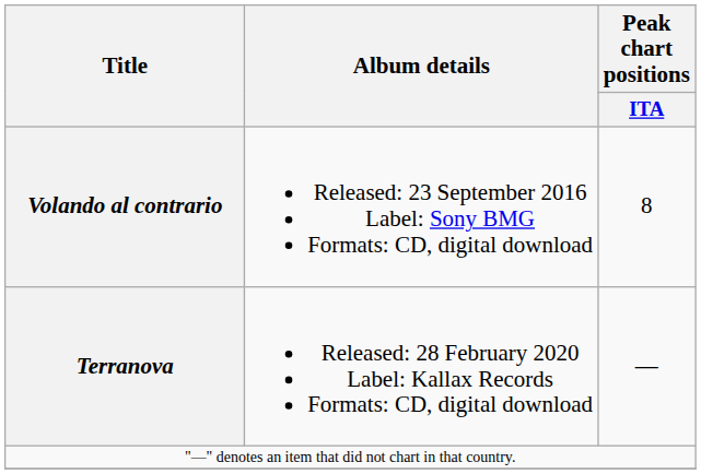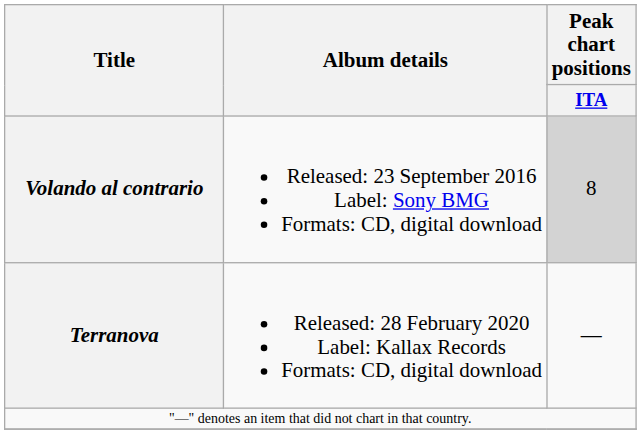 <table class="wikitable plainrowheaders" style="text-align:center;" border="1">
 <tr>
 <th scope="col" rowspan="2" style="width:10em;">Title</th>
 <th scope="col" rowspan="2">Album details</th>
 <th scope="col" colspan="1">Peak chart positions</th>
 </tr>
 <tr>
 <th scope="col" style="width:3em;font-size:90%;"><a href='#'>ITA</a><br></th>
 </tr>
 <tr>
 <th scope="row"><em>Volando al contrario</em></th>
 <td><br><ul><li>Released: 23 September 2016</li><li>Label: <a href='#'>Sony BMG</a></li><li>Formats: CD, digital download</li></ul></td>
-<td>8<br></td>
+<td style="background: lightgrey;">8<br></td>
 </tr>
 <tr>
 <th scope="row"><em>Terranova</em><br></th>
 <td><br><ul><li>Released: 28 February 2020</li><li>Label: Kallax Records</li><li>Formats: CD, digital download</li></ul></td>
 <td>—</td>
 </tr>
 <tr>
 <td colspan="4" style="text-align:center; font-size:8pt;">"—" denotes an item that did not chart in that country.</td>
 </tr>
 <tr>
 </tr>
 </table>
